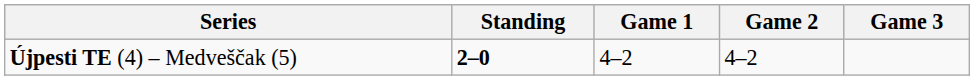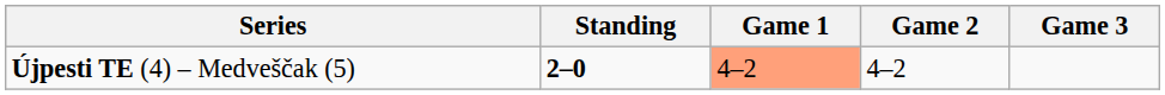 <table class="wikitable" width="700px">
 <tr style="background-color:#c0c0c0;">
 <th>Series</th>
 <th>Standing</th>
 <th>Game 1</th>
 <th>Game 2</th>
 <th>Game 3</th>
 </tr>
 <tr>
 <td><strong>Újpesti TE</strong> (4) – Medveščak (5)</td>
 <td><strong>2–0</strong></td>
-<td>4–2</td>
+<td style="background: lightsalmon;">4–2</td>
 <td>4–2</td>
 </tr>
 </table>
